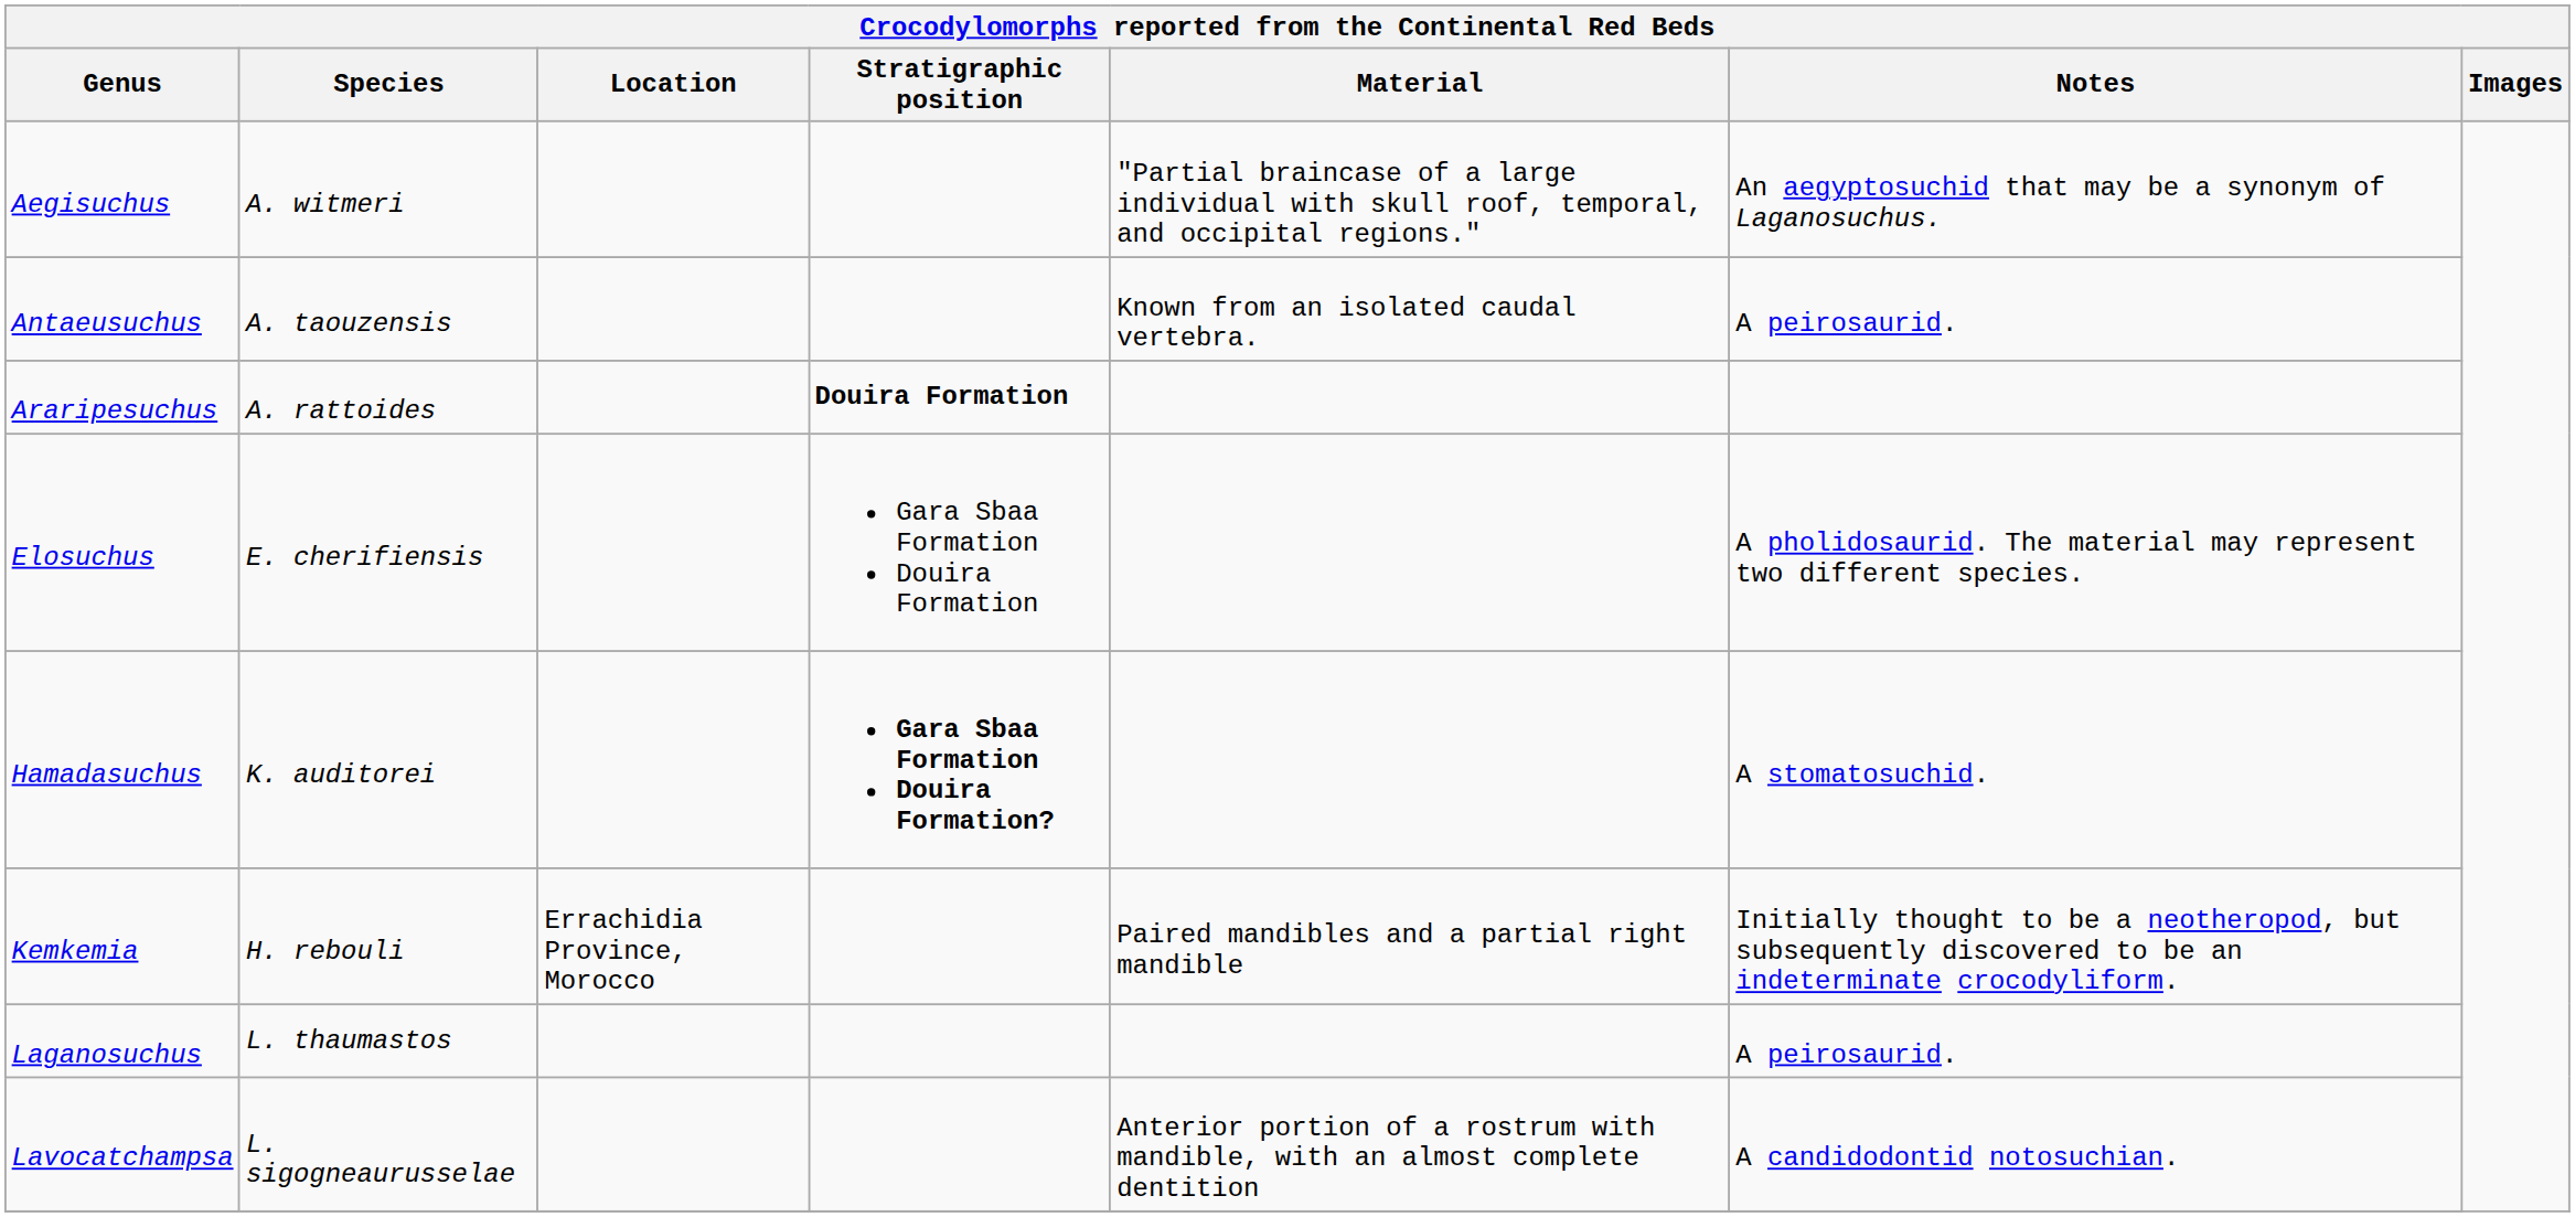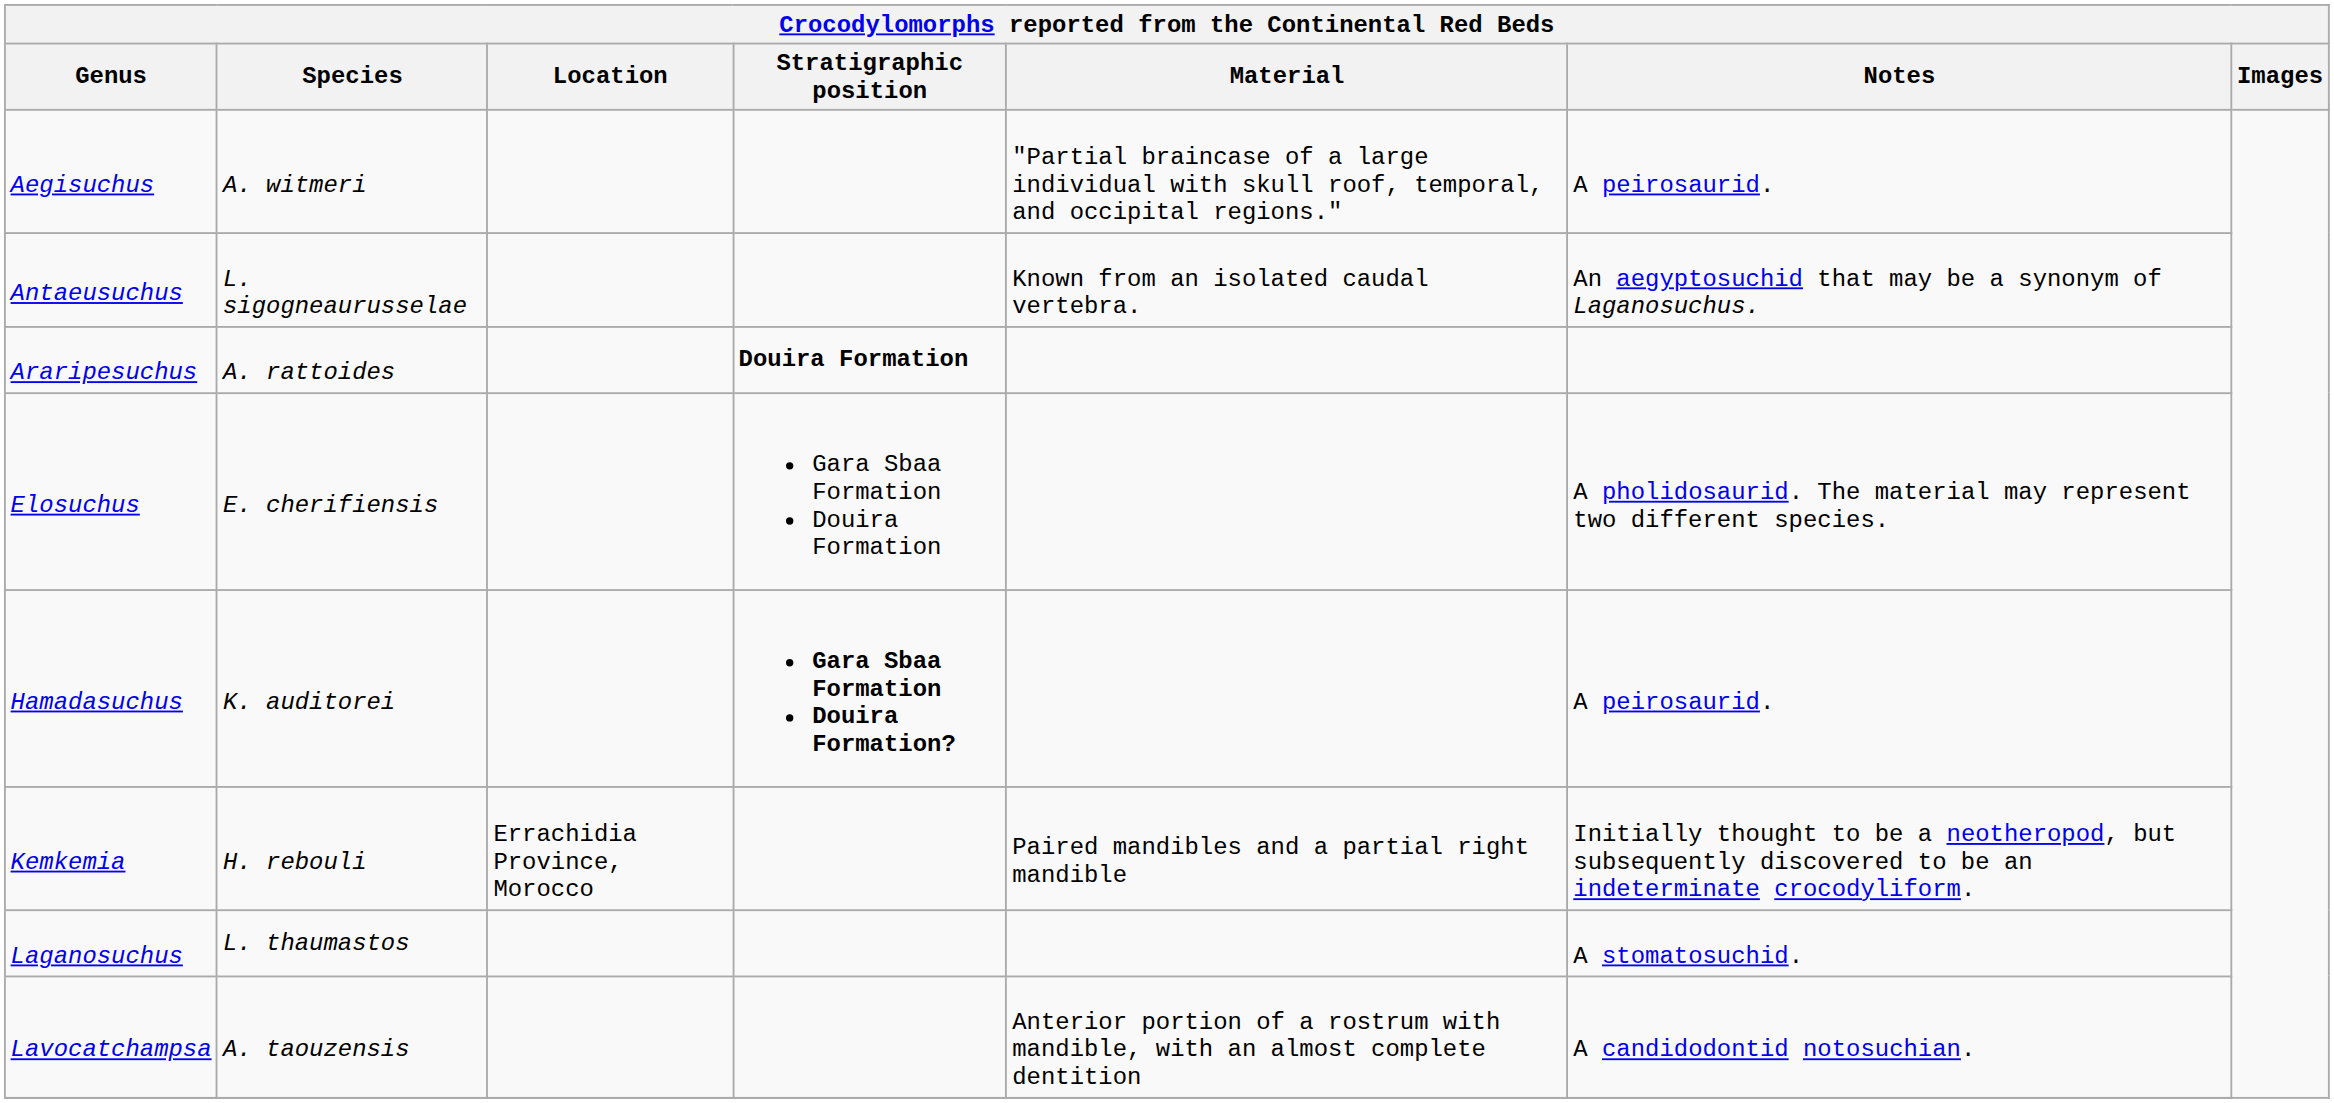 <table class="wikitable" align="center" width="100%">
 <tr>
 <th colspan="7" align="center"><a href='#'>Crocodylomorphs</a> reported from the Continental Red Beds</th>
 </tr>
 <tr>
 <th>Genus</th>
 <th>Species</th>
 <th>Location</th>
 <th>Stratigraphic position</th>
 <th>Material</th>
 <th>Notes</th>
 <th>Images</th>
 </tr>
 <tr>
 <td><br><em><a href='#'>Aegisuchus</a></em></td>
 <td><br><em>A. witmeri</em></td>
 <td></td>
 <td></td>
 <td><br>"Partial braincase of a large individual with skull roof, temporal, and occipital regions."</td>
-<td><br>An <a href='#'>aegyptosuchid</a> that may be a synonym of <em>Laganosuchus.</em></td>
+<td><br>A <a href='#'>peirosaurid</a>.</td>
 <td rowspan="99"><br>   </td>
 </tr>
 <tr>
 <td><br><em><a href='#'>Antaeusuchus</a></em></td>
-<td><br><em>A. taouzensis</em></td>
+<td><br><em>L. sigogneaurusselae</em></td>
 <td></td>
 <td></td>
 <td><br>Known from an isolated caudal vertebra.</td>
-<td><br>A <a href='#'>peirosaurid</a>.</td>
+<td><br>An <a href='#'>aegyptosuchid</a> that may be a synonym of <em>Laganosuchus.</em></td>
 </tr>
 <tr>
 <td><br><em><a href='#'>Araripesuchus</a></em></td>
 <td><br><em>A. rattoides</em></td>
 <td></td>
 <td><strong>Douira Formation</strong></td>
 <td></td>
 <td></td>
 </tr>
 <tr>
 <td><br><em><a href='#'>Elosuchus</a></em></td>
 <td><br><em>E. cherifiensis</em></td>
 <td></td>
 <td><br><ul><li>Gara Sbaa Formation</li><li>Douira Formation</li></ul></td>
 <td></td>
 <td><br>A <a href='#'>pholidosaurid</a>. The material may represent two different species.</td>
 </tr>
 <tr>
 <td><br><em><a href='#'>Hamadasuchus</a></em></td>
 <td><br><em>K. auditorei</em></td>
 <td></td>
 <td><strong><br><ul><li>Gara Sbaa Formation</li><li>Douira Formation?</li></ul></strong></td>
 <td></td>
-<td><br>A <a href='#'>stomatosuchid</a>.</td>
+<td><br>A <a href='#'>peirosaurid</a>.</td>
 </tr>
 <tr>
 <td><br><em><a href='#'>Kemkemia</a></em></td>
 <td><br><em>H. rebouli</em></td>
 <td><br>Errachidia Province, Morocco</td>
 <td></td>
 <td><br>Paired mandibles and a partial right mandible</td>
 <td><br>Initially thought to be a <a href='#'>neotheropod</a>, but subsequently discovered to be an <a href='#'>indeterminate</a> <a href='#'>crocodyliform</a>.</td>
 </tr>
 <tr>
 <td><br><em><a href='#'>Laganosuchus</a></em></td>
 <td><em>L. thaumastos</em></td>
 <td></td>
 <td></td>
 <td></td>
-<td><br>A <a href='#'>peirosaurid</a>.</td>
+<td><br>A <a href='#'>stomatosuchid</a>.</td>
 </tr>
 <tr>
 <td><br><em><a href='#'>Lavocatchampsa</a></em></td>
-<td><br><em>L. sigogneaurusselae</em></td>
+<td><br><em>A. taouzensis</em></td>
 <td></td>
 <td></td>
 <td><br>Anterior portion of a rostrum with mandible, with an almost complete dentition</td>
 <td><br>A <a href='#'>candidodontid</a> <a href='#'>notosuchian</a>.</td>
 </tr>
 <tr>
 </tr>
 </table>
